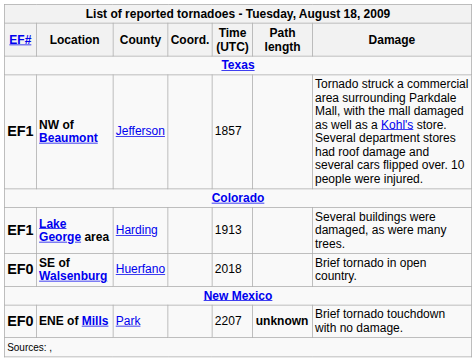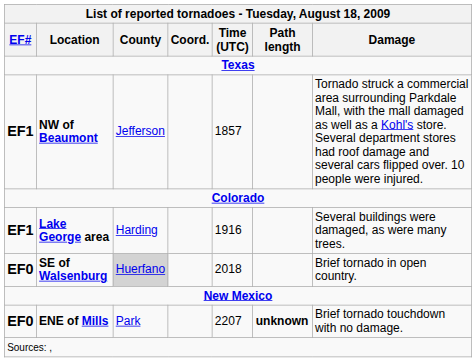 <table class="wikitable collapsible" style="width:100%;">
 <tr>
 <th colspan="7">List of reported tornadoes - Tuesday, August 18, 2009</th>
 </tr>
 <tr>
 <th><a href='#'>EF#</a></th>
 <th>Location</th>
 <th>County</th>
 <th>Coord.</th>
 <th>Time (UTC)</th>
 <th>Path length</th>
 <th>Damage</th>
 </tr>
 <tr>
 <td colspan="7" style="text-align:center;"><strong><a href='#'>Texas</a></strong></td>
 </tr>
 <tr>
 <td><big><strong>EF1</strong></big></td>
 <td><strong>NW of <a href='#'>Beaumont</a></strong></td>
 <td><a href='#'>Jefferson</a></td>
 <td></td>
 <td>1857</td>
 <td></td>
 <td>Tornado struck a commercial area surrounding Parkdale Mall, with the mall damaged as well as a <a href='#'>Kohl's</a> store. Several department stores had roof damage and several cars flipped over. 10 people were injured.</td>
 </tr>
 <tr>
 <td colspan="7" style="text-align:center;"><strong><a href='#'>Colorado</a></strong></td>
 </tr>
 <tr>
 <td><big><strong>EF1</strong></big></td>
 <td><strong><a href='#'>Lake George</a> area</strong></td>
 <td><a href='#'>Harding</a></td>
 <td></td>
-<td>1913</td>
+<td>1916</td>
 <td></td>
 <td>Several buildings were damaged, as were many trees.</td>
 </tr>
 <tr>
 <td><big><strong>EF0</strong></big></td>
 <td><strong>SE of <a href='#'>Walsenburg</a></strong></td>
-<td><a href='#'>Huerfano</a></td>
+<td style="background: lightgrey;"><a href='#'>Huerfano</a></td>
 <td></td>
 <td>2018</td>
 <td></td>
 <td>Brief tornado in open country.</td>
 </tr>
 <tr>
 <td colspan="7" style="text-align:center;"><strong><a href='#'>New Mexico</a></strong></td>
 </tr>
 <tr>
 <td><big><strong>EF0</strong></big></td>
 <td><strong>ENE of <a href='#'>Mills</a></strong></td>
 <td><a href='#'>Park</a></td>
 <td></td>
 <td>2207</td>
 <td><strong>unknown</strong></td>
 <td>Brief tornado touchdown with no damage.</td>
 </tr>
 <tr>
 <td colspan="7"><small>Sources: , </small></td>
 </tr>
 </table>
